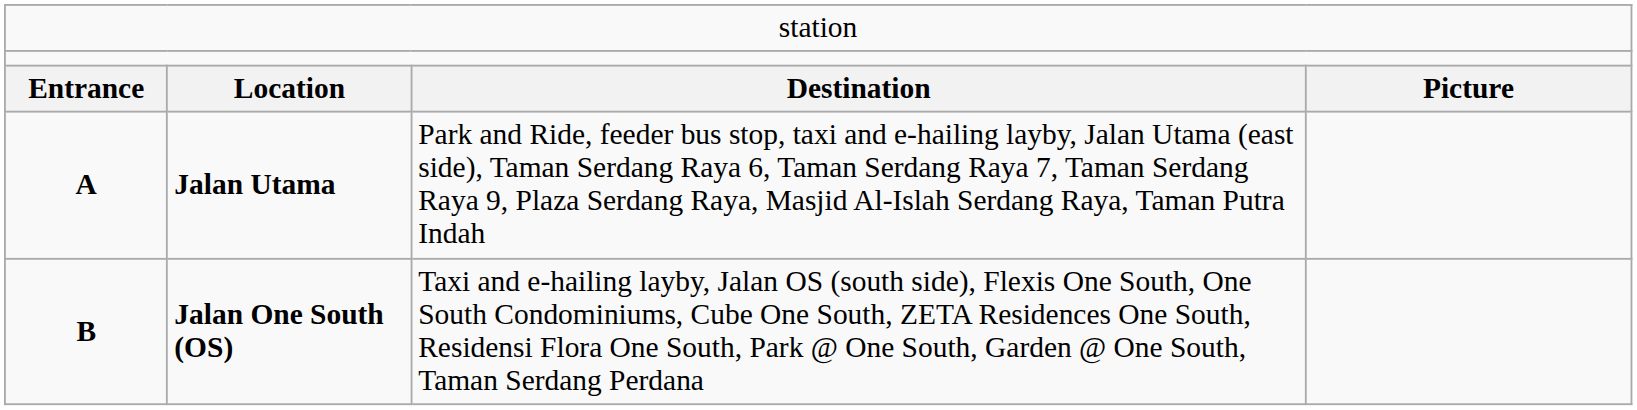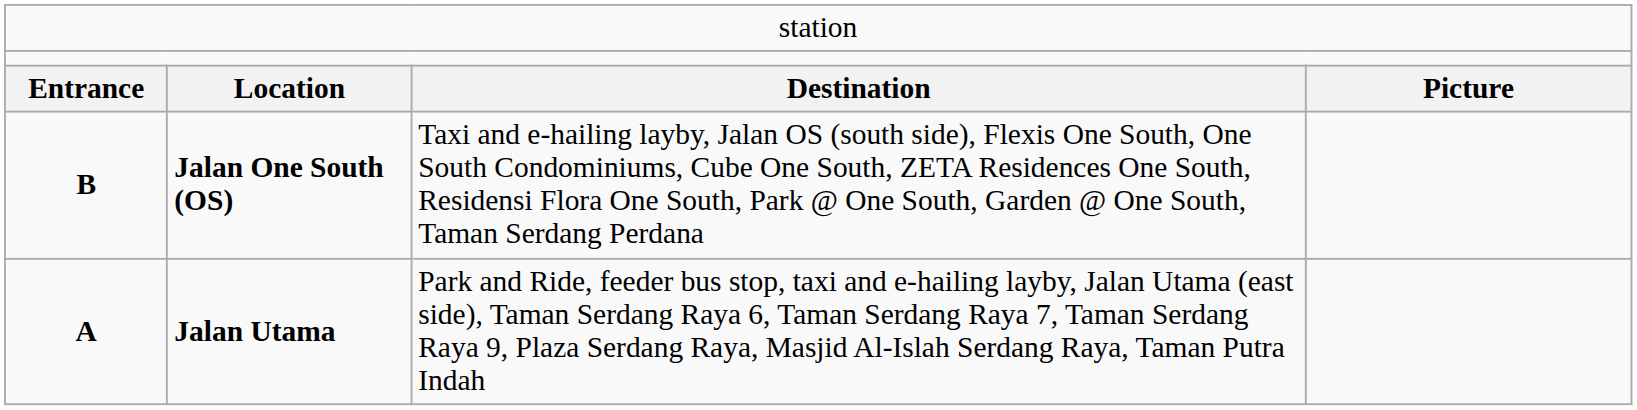 <table class="wikitable" style="width:70%">
 <tr>
 <td colspan="4" align="center"> station</td>
 </tr>
 <tr>
 <td colspan="4" align="center"></td>
 </tr>
 <tr>
 <th style="width:10%">Entrance</th>
 <th style="width:15%">Location</th>
 <th style="width:55%">Destination</th>
 <th style="width:20%">Picture</th>
 </tr>
 <tr>
+<td align="center"><strong><span>B</span></strong></td>
+<td><strong>Jalan One South (OS)</strong></td>
+<td>Taxi and e-hailing layby, Jalan OS (south side), Flexis One South, One South Condominiums, Cube One South, ZETA Residences One South, Residensi Flora One South, Park @ One South, Garden @ One South, Taman Serdang Perdana</td>
+<td></td>
+</tr>
+<tr>
 <td align="center"><strong><span>A</span></strong></td>
 <td><strong>Jalan Utama</strong></td>
 <td>Park and Ride, feeder bus stop, taxi and e-hailing layby, Jalan Utama (east side), Taman Serdang Raya 6, Taman Serdang Raya 7, Taman Serdang Raya 9, Plaza Serdang Raya, Masjid Al-Islah Serdang Raya, Taman Putra Indah</td>
 <td></td>
 </tr>
-<tr>
-<td align="center"><strong><span>B</span></strong></td>
-<td><strong>Jalan One South (OS)</strong></td>
-<td>Taxi and e-hailing layby, Jalan OS (south side), Flexis One South, One South Condominiums, Cube One South, ZETA Residences One South, Residensi Flora One South, Park @ One South, Garden @ One South, Taman Serdang Perdana</td>
-<td></td>
-</tr>
 </table>
